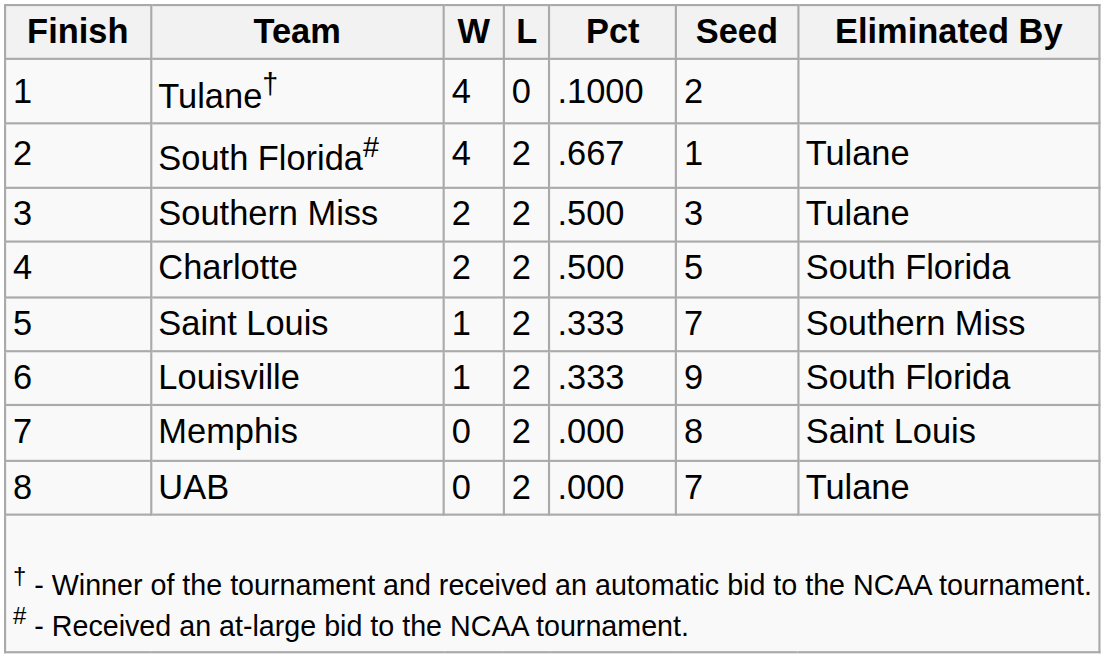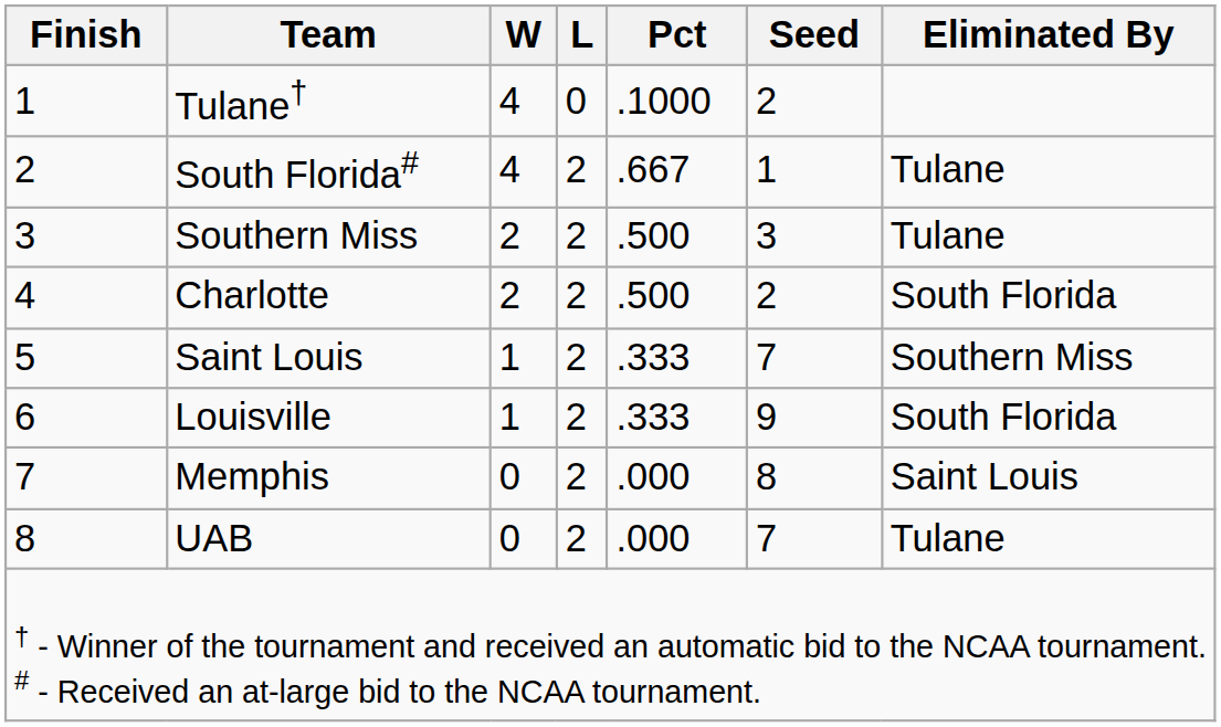 <table class="wikitable sortable">
 <tr>
 <th>Finish</th>
 <th>Team</th>
 <th>W</th>
 <th>L</th>
 <th>Pct</th>
 <th>Seed</th>
 <th>Eliminated By</th>
 </tr>
 <tr>
 <td>1</td>
 <td>Tulane<sup>†</sup></td>
 <td>4</td>
 <td>0</td>
 <td>.1000</td>
 <td>2</td>
 <td></td>
 </tr>
 <tr>
 <td>2</td>
 <td>South Florida<sup>#</sup></td>
 <td>4</td>
 <td>2</td>
 <td>.667</td>
 <td>1</td>
 <td>Tulane</td>
 </tr>
 <tr>
 <td>3</td>
 <td>Southern Miss</td>
 <td>2</td>
 <td>2</td>
 <td>.500</td>
 <td>3</td>
 <td>Tulane</td>
 </tr>
 <tr>
 <td>4</td>
 <td>Charlotte</td>
 <td>2</td>
 <td>2</td>
 <td>.500</td>
-<td>5</td>
+<td>2</td>
 <td>South Florida</td>
 </tr>
 <tr>
 <td>5</td>
 <td>Saint Louis</td>
 <td>1</td>
 <td>2</td>
 <td>.333</td>
 <td>7</td>
 <td>Southern Miss</td>
 </tr>
 <tr>
 <td>6</td>
 <td>Louisville</td>
 <td>1</td>
 <td>2</td>
 <td>.333</td>
 <td>9</td>
 <td>South Florida</td>
 </tr>
 <tr>
 <td>7</td>
 <td>Memphis</td>
 <td>0</td>
 <td>2</td>
 <td>.000</td>
 <td>8</td>
 <td>Saint Louis</td>
 </tr>
 <tr>
 <td>8</td>
 <td>UAB</td>
 <td>0</td>
 <td>2</td>
 <td>.000</td>
 <td>7</td>
 <td>Tulane</td>
 </tr>
 <tr>
 <td colspan=8><br><small><sup>†</sup> - Winner of the tournament and received an automatic bid to the NCAA tournament.<br> <sup>#</sup> - Received an at-large bid to the NCAA tournament.</small></td>
 </tr>
 </table>
